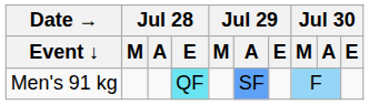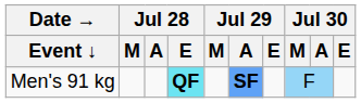 <table class="wikitable" style="margin:0.5em auto;">
 <tr>
 <th>Date →</th>
 <th colspan="3">Jul 28</th>
 <th colspan="3">Jul 29</th>
 <th colspan="3">Jul 30</th>
 </tr>
 <tr>
 <th>Event  ↓</th>
 <th>M</th>
 <th>A</th>
 <th>E</th>
 <th>M</th>
 <th>A</th>
 <th>E</th>
 <th>M</th>
 <th>A</th>
 <th>E</th>
 </tr>
 <tr>
 <td class="event">Men's 91 kg</td>
 <td></td>
 <td></td>
-<td bgcolor="#6be4f2" align=center>QF</td>
+<td bgcolor="#6be4f2" align=center><strong>QF</strong></td>
 <td></td>
-<td bgcolor="#5ea2f7" align=center>SF</td>
+<td bgcolor="#5ea2f7" align=center><strong>SF</strong></td>
 <td></td>
 <td colspan="2" bgcolor="#95d6f7" align=center>F</td>
 <td></td>
 </tr>
 </table>
